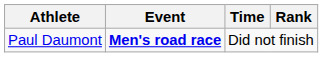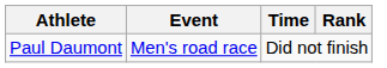 <table class=wikitable style=font-size:90%;text-align:center>
 <tr>
 <th>Athlete</th>
 <th>Event</th>
 <th>Time</th>
 <th>Rank</th>
 </tr>
 <tr>
 <td align=left><a href='#'>Paul Daumont</a></td>
-<td align=left><strong><a href='#'>Men's road race</a></strong></td>
+<td align=left><a href='#'>Men's road race</a></td>
 <td colspan=2>Did not finish</td>
 </tr>
 </table>
